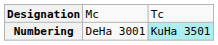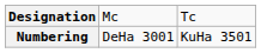 <table class="wikitable">
 <tr>
 <th>Designation</th>
 <td>Mc</td>
 <td>Tc</td>
 </tr>
 <tr>
 <th>Numbering</th>
 <td>DeHa 3001</td>
-<td style="background: paleturquoise;">KuHa 3501</td>
+<td>KuHa 3501</td>
 </tr>
 </table>
